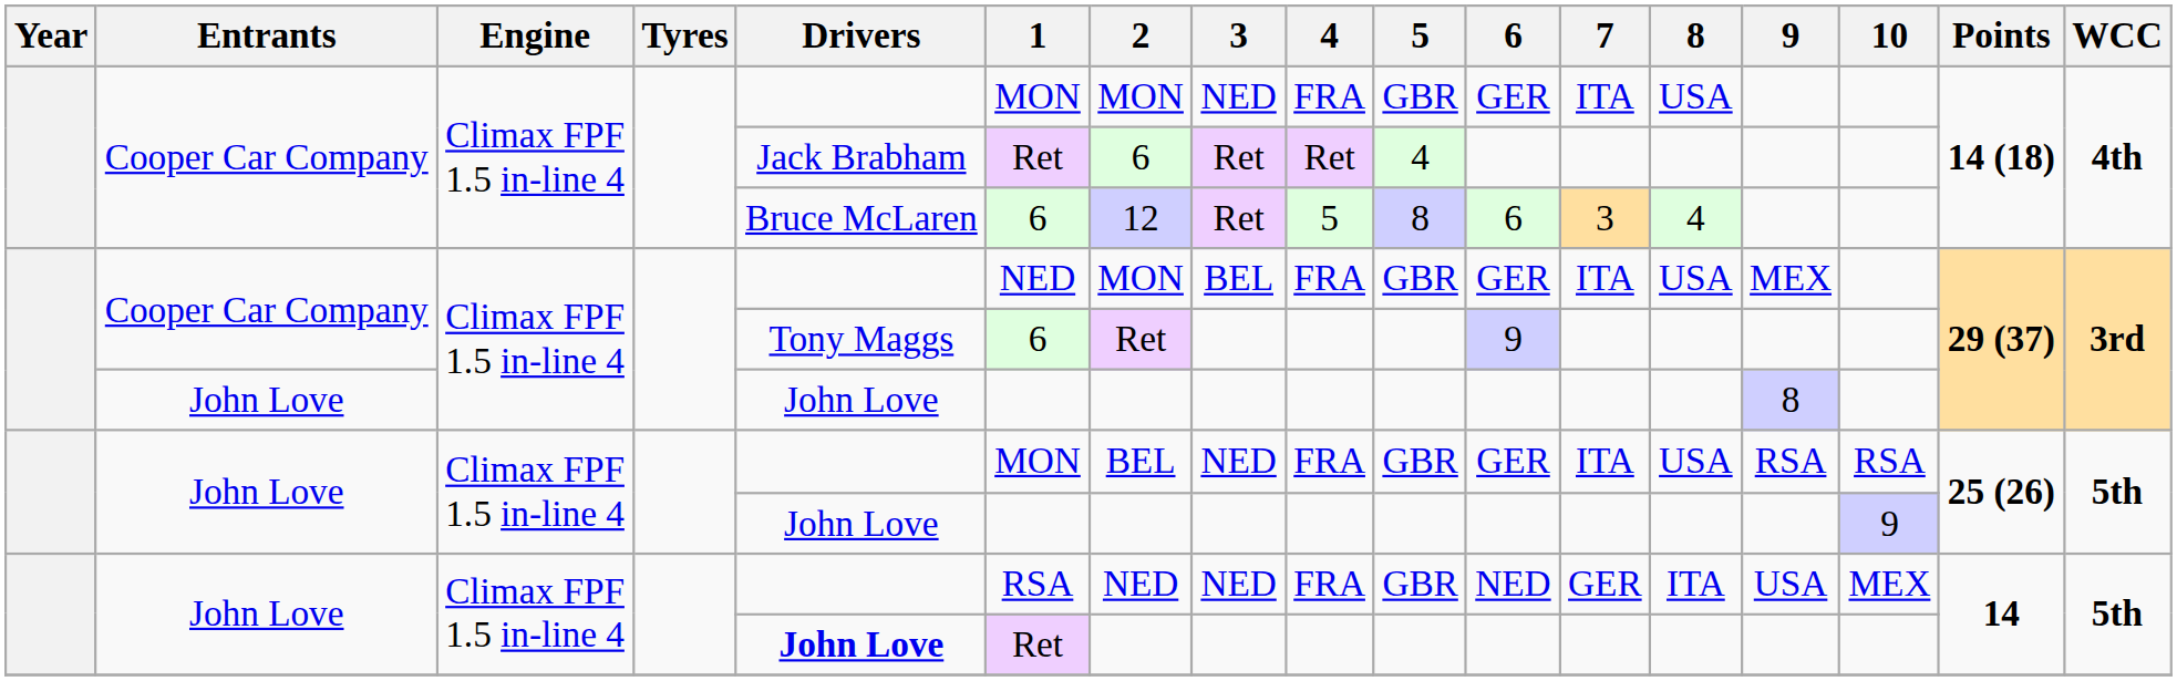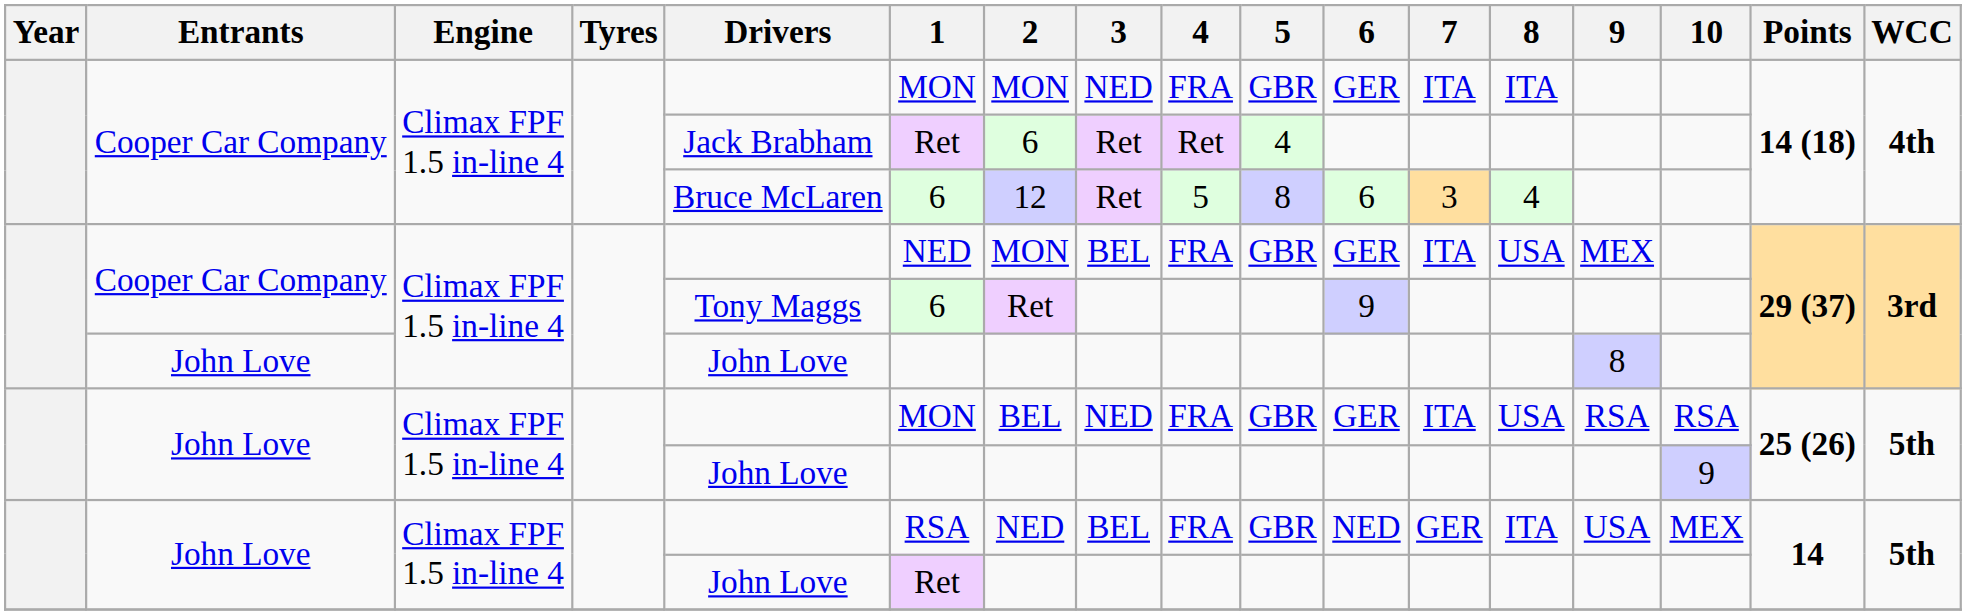 <table class="wikitable" style="text-align:center; font-size:95%">
 <tr>
 <th>Year</th>
 <th>Entrants</th>
 <th>Engine</th>
 <th>Tyres</th>
 <th>Drivers</th>
 <th>1</th>
 <th>2</th>
 <th>3</th>
 <th>4</th>
 <th>5</th>
 <th>6</th>
 <th>7</th>
 <th>8</th>
 <th>9</th>
 <th>10</th>
 <th>Points</th>
 <th>WCC</th>
 </tr>
 <tr>
 <th rowspan="3"></th>
 <td rowspan="3"><a href='#'>Cooper Car Company</a></td>
 <td rowspan="3"><a href='#'>Climax FPF</a><br>1.5 <a href='#'>in-line 4</a></td>
 <td rowspan="3"></td>
 <td></td>
 <td><a href='#'>MON</a></td>
 <td><a href='#'>MON</a></td>
 <td><a href='#'>NED</a></td>
 <td><a href='#'>FRA</a></td>
 <td><a href='#'>GBR</a></td>
 <td><a href='#'>GER</a></td>
 <td><a href='#'>ITA</a></td>
-<td><a href='#'>USA</a></td>
+<td><a href='#'>ITA</a></td>
 <td></td>
 <td></td>
 <td rowspan="3"><strong>14 (18)</strong></td>
 <td rowspan="3"><strong>4th</strong></td>
 </tr>
 <tr>
 <td><a href='#'>Jack Brabham</a></td>
 <td style="background:#efcfff;">Ret</td>
 <td style="background:#dfffdf;">6</td>
 <td style="background:#efcfff;">Ret</td>
 <td style="background:#efcfff;">Ret</td>
 <td style="background:#dfffdf;">4</td>
 <td></td>
 <td></td>
 <td></td>
 <td></td>
 <td></td>
 </tr>
 <tr>
 <td><a href='#'>Bruce McLaren</a></td>
 <td style="background:#dfffdf;">6</td>
 <td style="background:#cfcfff;">12</td>
 <td style="background:#efcfff;">Ret</td>
 <td style="background:#dfffdf;">5</td>
 <td style="background:#cfcfff;">8</td>
 <td style="background:#dfffdf;">6</td>
 <td style="background:#ffdf9f;">3</td>
 <td style="background:#dfffdf;">4</td>
 <td></td>
 </tr>
 <tr>
 <th rowspan="3"></th>
 <td rowspan="2"><a href='#'>Cooper Car Company</a></td>
 <td rowspan="3"><a href='#'>Climax FPF</a><br>1.5 <a href='#'>in-line 4</a></td>
 <td rowspan="3"></td>
 <td></td>
 <td><a href='#'>NED</a></td>
 <td><a href='#'>MON</a></td>
 <td><a href='#'>BEL</a></td>
 <td><a href='#'>FRA</a></td>
 <td><a href='#'>GBR</a></td>
 <td><a href='#'>GER</a></td>
 <td><a href='#'>ITA</a></td>
 <td><a href='#'>USA</a></td>
 <td><a href='#'>MEX</a></td>
 <td></td>
 <td rowspan="3" style="background:#ffdf9f;"><strong>29 (37)</strong></td>
 <td rowspan="3" style="background:#ffdf9f;"><strong>3rd</strong></td>
 </tr>
 <tr>
 <td><a href='#'>Tony Maggs</a></td>
 <td style="background:#dfffdf;">6</td>
 <td style="background:#efcfff;">Ret</td>
 <td></td>
 <td></td>
 <td></td>
 <td style="background:#cfcfff;">9</td>
 <td></td>
 <td></td>
 <td></td>
 <td></td>
 </tr>
 <tr>
 <td><a href='#'>John Love</a></td>
 <td><a href='#'>John Love</a></td>
 <td></td>
 <td></td>
 <td></td>
 <td></td>
 <td></td>
 <td></td>
 <td></td>
 <td></td>
 <td style="background:#cfcfff;">8</td>
 </tr>
 <tr>
 <th rowspan="2"></th>
 <td rowspan="2"><a href='#'>John Love</a></td>
 <td rowspan="2"><a href='#'>Climax FPF</a><br>1.5 <a href='#'>in-line 4</a></td>
 <td rowspan="2"></td>
 <td></td>
 <td><a href='#'>MON</a></td>
 <td><a href='#'>BEL</a></td>
 <td><a href='#'>NED</a></td>
 <td><a href='#'>FRA</a></td>
 <td><a href='#'>GBR</a></td>
 <td><a href='#'>GER</a></td>
 <td><a href='#'>ITA</a></td>
 <td><a href='#'>USA</a></td>
 <td><a href='#'>RSA</a></td>
 <td><a href='#'>RSA</a></td>
 <td rowspan="2"><strong>25 (26)</strong></td>
 <td rowspan="2"><strong>5th</strong></td>
 </tr>
 <tr>
 <td><a href='#'>John Love</a></td>
 <td></td>
 <td></td>
 <td></td>
 <td></td>
 <td></td>
 <td></td>
 <td></td>
 <td></td>
 <td></td>
 <td style="background:#cfcfff;">9</td>
 </tr>
 <tr>
 <th rowspan="2"></th>
 <td rowspan="2"><a href='#'>John Love</a></td>
 <td rowspan="2"><a href='#'>Climax FPF</a><br>1.5 <a href='#'>in-line 4</a></td>
 <td rowspan="2"></td>
 <td></td>
 <td><a href='#'>RSA</a></td>
 <td><a href='#'>NED</a></td>
-<td><a href='#'>NED</a></td>
+<td><a href='#'>BEL</a></td>
 <td><a href='#'>FRA</a></td>
 <td><a href='#'>GBR</a></td>
 <td><a href='#'>NED</a></td>
 <td><a href='#'>GER</a></td>
 <td><a href='#'>ITA</a></td>
 <td><a href='#'>USA</a></td>
 <td><a href='#'>MEX</a></td>
 <td rowspan="2"><strong>14</strong></td>
 <td rowspan="2"><strong>5th</strong></td>
 </tr>
 <tr>
-<td><strong><a href='#'>John Love</a></strong></td>
+<td><a href='#'>John Love</a></td>
 <td style="background:#efcfff;">Ret</td>
 <td></td>
 <td></td>
 <td></td>
 <td></td>
 <td></td>
 <td></td>
 <td></td>
 <td></td>
 <td></td>
 </tr>
 <tr>
 </tr>
 </table>
